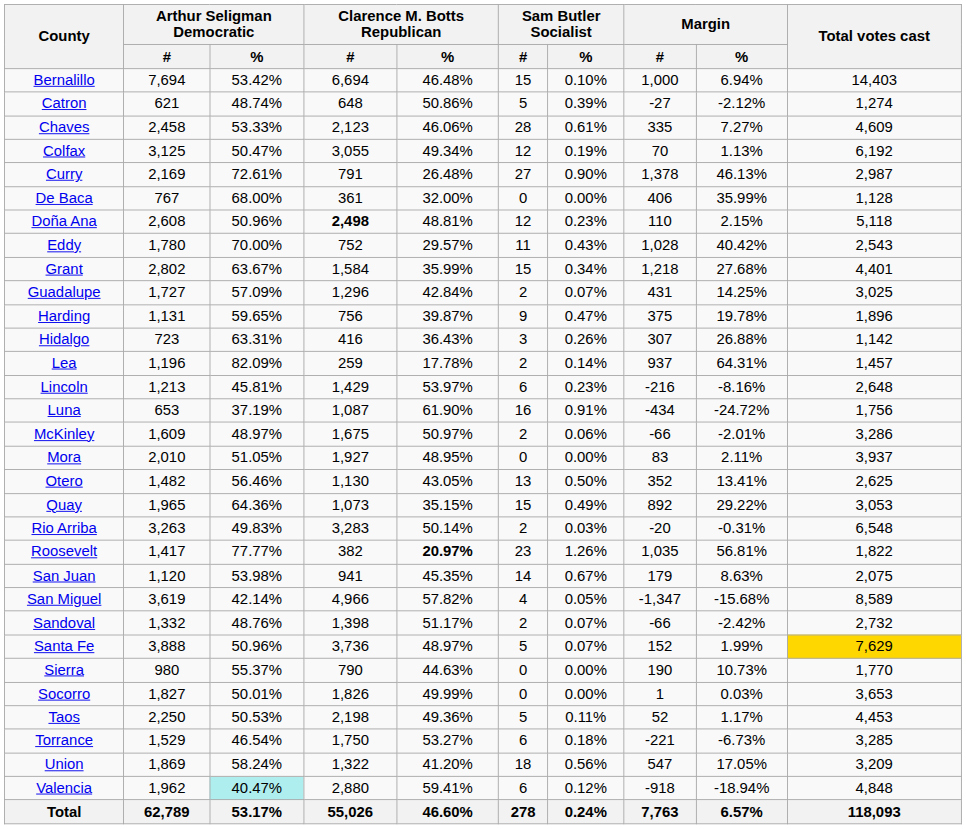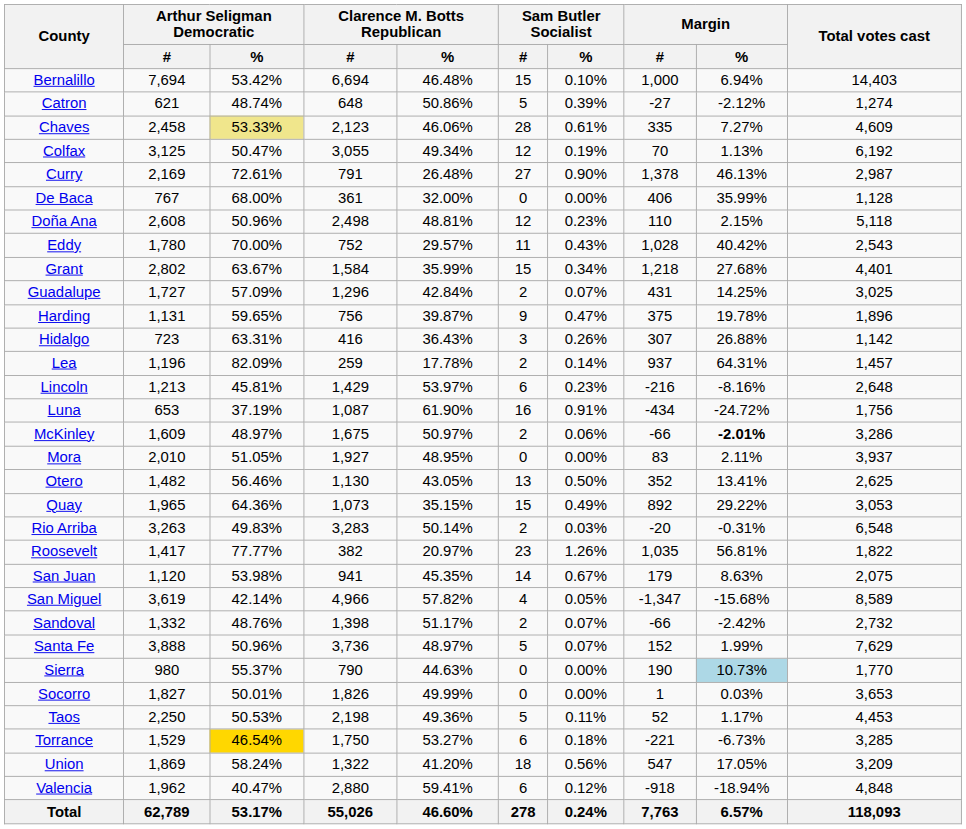 <table width="65%" class="wikitable sortable" style="text-align:center">
 <tr>
 <th style="text-align:center;" rowspan="2">County</th>
 <th style="text-align:center;" colspan="2">Arthur Seligman<br>Democratic</th>
 <th style="text-align:center;" colspan="2">Clarence M. Botts<br>Republican</th>
 <th style="text-align:center;" colspan="2">Sam Butler<br>Socialist</th>
 <th style="text-align:center;" colspan="2">Margin</th>
 <th style="text-align:center;" rowspan="2">Total votes cast</th>
 </tr>
 <tr>
 <th style="text-align:center;" data-sort-type="number">#</th>
 <th style="text-align:center;" data-sort-type="number">%</th>
 <th style="text-align:center;" data-sort-type="number">#</th>
 <th style="text-align:center;" data-sort-type="number">%</th>
 <th style="text-align:center;" data-sort-type="number">#</th>
 <th style="text-align:center;" data-sort-type="number">%</th>
 <th style="text-align:center;" data-sort-type="number">#</th>
 <th style="text-align:center;" data-sort-type="number">%</th>
 </tr>
 <tr style="text-align:center;">
 <td><a href='#'>Bernalillo</a></td>
 <td>7,694</td>
 <td>53.42%</td>
 <td>6,694</td>
 <td>46.48%</td>
 <td>15</td>
 <td>0.10%</td>
 <td>1,000</td>
 <td>6.94%</td>
 <td>14,403</td>
 </tr>
 <tr style="text-align:center;">
 <td><a href='#'>Catron</a></td>
 <td>621</td>
 <td>48.74%</td>
 <td>648</td>
 <td>50.86%</td>
 <td>5</td>
 <td>0.39%</td>
 <td>-27</td>
 <td>-2.12%</td>
 <td>1,274</td>
 </tr>
 <tr style="text-align:center;">
 <td><a href='#'>Chaves</a></td>
 <td>2,458</td>
-<td>53.33%</td>
+<td style="background: khaki;">53.33%</td>
 <td>2,123</td>
 <td>46.06%</td>
 <td>28</td>
 <td>0.61%</td>
 <td>335</td>
 <td>7.27%</td>
 <td>4,609</td>
 </tr>
 <tr style="text-align:center;">
 <td><a href='#'>Colfax</a></td>
 <td>3,125</td>
 <td>50.47%</td>
 <td>3,055</td>
 <td>49.34%</td>
 <td>12</td>
 <td>0.19%</td>
 <td>70</td>
 <td>1.13%</td>
 <td>6,192</td>
 </tr>
 <tr style="text-align:center;">
 <td><a href='#'>Curry</a></td>
 <td>2,169</td>
 <td>72.61%</td>
 <td>791</td>
 <td>26.48%</td>
 <td>27</td>
 <td>0.90%</td>
 <td>1,378</td>
 <td>46.13%</td>
 <td>2,987</td>
 </tr>
 <tr style="text-align:center;">
 <td><a href='#'>De Baca</a></td>
 <td>767</td>
 <td>68.00%</td>
 <td>361</td>
 <td>32.00%</td>
 <td>0</td>
 <td>0.00%</td>
 <td>406</td>
 <td>35.99%</td>
 <td>1,128</td>
 </tr>
 <tr style="text-align:center;">
 <td><a href='#'>Doña Ana</a></td>
 <td>2,608</td>
 <td>50.96%</td>
-<td><strong>2,498</strong></td>
+<td>2,498</td>
 <td>48.81%</td>
 <td>12</td>
 <td>0.23%</td>
 <td>110</td>
 <td>2.15%</td>
 <td>5,118</td>
 </tr>
 <tr style="text-align:center;">
 <td><a href='#'>Eddy</a></td>
 <td>1,780</td>
 <td>70.00%</td>
 <td>752</td>
 <td>29.57%</td>
 <td>11</td>
 <td>0.43%</td>
 <td>1,028</td>
 <td>40.42%</td>
 <td>2,543</td>
 </tr>
 <tr style="text-align:center;">
 <td><a href='#'>Grant</a></td>
 <td>2,802</td>
 <td>63.67%</td>
 <td>1,584</td>
 <td>35.99%</td>
 <td>15</td>
 <td>0.34%</td>
 <td>1,218</td>
 <td>27.68%</td>
 <td>4,401</td>
 </tr>
 <tr style="text-align:center;">
 <td><a href='#'>Guadalupe</a></td>
 <td>1,727</td>
 <td>57.09%</td>
 <td>1,296</td>
 <td>42.84%</td>
 <td>2</td>
 <td>0.07%</td>
 <td>431</td>
 <td>14.25%</td>
 <td>3,025</td>
 </tr>
 <tr style="text-align:center;">
 <td><a href='#'>Harding</a></td>
 <td>1,131</td>
 <td>59.65%</td>
 <td>756</td>
 <td>39.87%</td>
 <td>9</td>
 <td>0.47%</td>
 <td>375</td>
 <td>19.78%</td>
 <td>1,896</td>
 </tr>
 <tr style="text-align:center;">
 <td><a href='#'>Hidalgo</a></td>
 <td>723</td>
 <td>63.31%</td>
 <td>416</td>
 <td>36.43%</td>
 <td>3</td>
 <td>0.26%</td>
 <td>307</td>
 <td>26.88%</td>
 <td>1,142</td>
 </tr>
 <tr style="text-align:center;">
 <td><a href='#'>Lea</a></td>
 <td>1,196</td>
 <td>82.09%</td>
 <td>259</td>
 <td>17.78%</td>
 <td>2</td>
 <td>0.14%</td>
 <td>937</td>
 <td>64.31%</td>
 <td>1,457</td>
 </tr>
 <tr style="text-align:center;">
 <td><a href='#'>Lincoln</a></td>
 <td>1,213</td>
 <td>45.81%</td>
 <td>1,429</td>
 <td>53.97%</td>
 <td>6</td>
 <td>0.23%</td>
 <td>-216</td>
 <td>-8.16%</td>
 <td>2,648</td>
 </tr>
 <tr style="text-align:center;">
 <td><a href='#'>Luna</a></td>
 <td>653</td>
 <td>37.19%</td>
 <td>1,087</td>
 <td>61.90%</td>
 <td>16</td>
 <td>0.91%</td>
 <td>-434</td>
 <td>-24.72%</td>
 <td>1,756</td>
 </tr>
 <tr style="text-align:center;">
 <td><a href='#'>McKinley</a></td>
 <td>1,609</td>
 <td>48.97%</td>
 <td>1,675</td>
 <td>50.97%</td>
 <td>2</td>
 <td>0.06%</td>
 <td>-66</td>
-<td>-2.01%</td>
+<td><strong>-2.01%</strong></td>
 <td>3,286</td>
 </tr>
 <tr style="text-align:center;">
 <td><a href='#'>Mora</a></td>
 <td>2,010</td>
 <td>51.05%</td>
 <td>1,927</td>
 <td>48.95%</td>
 <td>0</td>
 <td>0.00%</td>
 <td>83</td>
 <td>2.11%</td>
 <td>3,937</td>
 </tr>
 <tr style="text-align:center;">
 <td><a href='#'>Otero</a></td>
 <td>1,482</td>
 <td>56.46%</td>
 <td>1,130</td>
 <td>43.05%</td>
 <td>13</td>
 <td>0.50%</td>
 <td>352</td>
 <td>13.41%</td>
 <td>2,625</td>
 </tr>
 <tr style="text-align:center;">
 <td><a href='#'>Quay</a></td>
 <td>1,965</td>
 <td>64.36%</td>
 <td>1,073</td>
 <td>35.15%</td>
 <td>15</td>
 <td>0.49%</td>
 <td>892</td>
 <td>29.22%</td>
 <td>3,053</td>
 </tr>
 <tr style="text-align:center;">
 <td><a href='#'>Rio Arriba</a></td>
 <td>3,263</td>
 <td>49.83%</td>
 <td>3,283</td>
 <td>50.14%</td>
 <td>2</td>
 <td>0.03%</td>
 <td>-20</td>
 <td>-0.31%</td>
 <td>6,548</td>
 </tr>
 <tr style="text-align:center;">
 <td><a href='#'>Roosevelt</a></td>
 <td>1,417</td>
 <td>77.77%</td>
 <td>382</td>
-<td><strong>20.97%</strong></td>
+<td>20.97%</td>
 <td>23</td>
 <td>1.26%</td>
 <td>1,035</td>
 <td>56.81%</td>
 <td>1,822</td>
 </tr>
 <tr style="text-align:center;">
 <td><a href='#'>San Juan</a></td>
 <td>1,120</td>
 <td>53.98%</td>
 <td>941</td>
 <td>45.35%</td>
 <td>14</td>
 <td>0.67%</td>
 <td>179</td>
 <td>8.63%</td>
 <td>2,075</td>
 </tr>
 <tr style="text-align:center;">
 <td><a href='#'>San Miguel</a></td>
 <td>3,619</td>
 <td>42.14%</td>
 <td>4,966</td>
 <td>57.82%</td>
 <td>4</td>
 <td>0.05%</td>
 <td>-1,347</td>
 <td>-15.68%</td>
 <td>8,589</td>
 </tr>
 <tr style="text-align:center;">
 <td><a href='#'>Sandoval</a></td>
 <td>1,332</td>
 <td>48.76%</td>
 <td>1,398</td>
 <td>51.17%</td>
 <td>2</td>
 <td>0.07%</td>
 <td>-66</td>
 <td>-2.42%</td>
 <td>2,732</td>
 </tr>
 <tr style="text-align:center;">
 <td><a href='#'>Santa Fe</a></td>
 <td>3,888</td>
 <td>50.96%</td>
 <td>3,736</td>
 <td>48.97%</td>
 <td>5</td>
 <td>0.07%</td>
 <td>152</td>
 <td>1.99%</td>
-<td style="background: gold;">7,629</td>
+<td>7,629</td>
 </tr>
 <tr style="text-align:center;">
 <td><a href='#'>Sierra</a></td>
 <td>980</td>
 <td>55.37%</td>
 <td>790</td>
 <td>44.63%</td>
 <td>0</td>
 <td>0.00%</td>
 <td>190</td>
-<td>10.73%</td>
+<td style="background: lightblue;">10.73%</td>
 <td>1,770</td>
 </tr>
 <tr style="text-align:center;">
 <td><a href='#'>Socorro</a></td>
 <td>1,827</td>
 <td>50.01%</td>
 <td>1,826</td>
 <td>49.99%</td>
 <td>0</td>
 <td>0.00%</td>
 <td>1</td>
 <td>0.03%</td>
 <td>3,653</td>
 </tr>
 <tr style="text-align:center;">
 <td><a href='#'>Taos</a></td>
 <td>2,250</td>
 <td>50.53%</td>
 <td>2,198</td>
 <td>49.36%</td>
 <td>5</td>
 <td>0.11%</td>
 <td>52</td>
 <td>1.17%</td>
 <td>4,453</td>
 </tr>
 <tr style="text-align:center;">
 <td><a href='#'>Torrance</a></td>
 <td>1,529</td>
-<td>46.54%</td>
+<td style="background: gold;">46.54%</td>
 <td>1,750</td>
 <td>53.27%</td>
 <td>6</td>
 <td>0.18%</td>
 <td>-221</td>
 <td>-6.73%</td>
 <td>3,285</td>
 </tr>
 <tr style="text-align:center;">
 <td><a href='#'>Union</a></td>
 <td>1,869</td>
 <td>58.24%</td>
 <td>1,322</td>
 <td>41.20%</td>
 <td>18</td>
 <td>0.56%</td>
 <td>547</td>
 <td>17.05%</td>
 <td>3,209</td>
 </tr>
 <tr style="text-align:center;">
 <td><a href='#'>Valencia</a></td>
 <td>1,962</td>
-<td style="background: paleturquoise;">40.47%</td>
+<td>40.47%</td>
 <td>2,880</td>
 <td>59.41%</td>
 <td>6</td>
 <td>0.12%</td>
 <td>-918</td>
 <td>-18.94%</td>
 <td>4,848</td>
 </tr>
 <tr style="text-align:center;">
 <th>Total</th>
 <th>62,789</th>
 <th>53.17%</th>
 <th>55,026</th>
 <th>46.60%</th>
 <th>278</th>
 <th>0.24%</th>
 <th>7,763</th>
 <th>6.57%</th>
 <th>118,093</th>
 </tr>
 </table>
